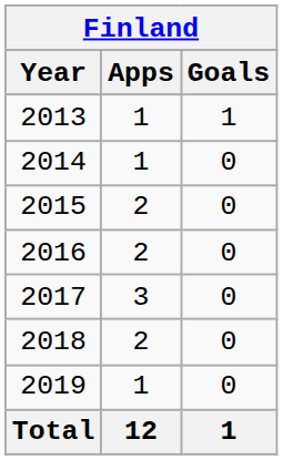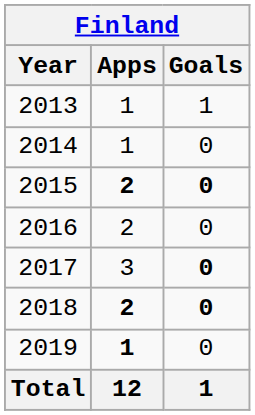 <table class=wikitable style=text-align:center>
 <tr>
 <th colspan=4><a href='#'>Finland</a></th>
 </tr>
 <tr>
 <th>Year</th>
 <th>Apps</th>
 <th>Goals</th>
 </tr>
 <tr>
 <td>2013</td>
 <td>1</td>
 <td>1</td>
 </tr>
 <tr>
 <td>2014</td>
 <td>1</td>
 <td>0</td>
 </tr>
 <tr>
 <td>2015</td>
-<td>2</td>
-<td>0</td>
+<td><strong>2</strong></td>
+<td><strong>0</strong></td>
 </tr>
 <tr>
 <td>2016</td>
 <td>2</td>
 <td>0</td>
 </tr>
 <tr>
 <td>2017</td>
 <td>3</td>
-<td>0</td>
+<td><strong>0</strong></td>
 </tr>
 <tr>
 <td>2018</td>
-<td>2</td>
-<td>0</td>
+<td><strong>2</strong></td>
+<td><strong>0</strong></td>
 </tr>
 <tr>
 <td>2019</td>
-<td>1</td>
+<td><strong>1</strong></td>
 <td>0</td>
 </tr>
 <tr>
 <th colspan=1>Total</th>
 <th>12</th>
 <th>1</th>
 </tr>
 </table>
